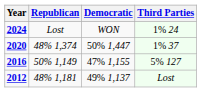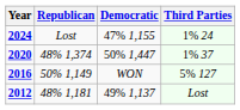 <table class="wikitable" style="float:right; font-size:95%;">
 <tr bgcolor=lightgrey>
 <th>Year</th>
 <th><a href='#'>Republican</a></th>
 <th><a href='#'>Democratic</a></th>
 <th><a href='#'>Third Parties</a></th>
 </tr>
 <tr>
 <td style="text-align:center; "><strong><a href='#'>2024</a></strong></td>
 <td style="text-align:center; "><em>Lost</em></td>
-<td style="text-align:center; "><em>WON</em></td>
+<td style="text-align:center; ">47% <em>1,155</em></td>
 <td style="text-align:center; background:honeyDew;">1% <em>24</em></td>
 </tr>
 <tr>
 <td style="text-align:center; "><strong><a href='#'>2020</a></strong></td>
 <td style="text-align:center; "><em>48%</em> <em>1,374</em></td>
 <td style="text-align:center; ">50% <em>1,447</em></td>
 <td style="text-align:center; background:honeyDew;">1% <em>37</em></td>
 </tr>
 <tr>
 <td style="text-align:center; "><strong><a href='#'>2016</a></strong></td>
 <td style="text-align:center; "><em>50%</em> <em>1,149</em></td>
-<td style="text-align:center; ">47% <em>1,155</em></td>
+<td style="text-align:center; "><em>WON</em></td>
 <td style="text-align:center; background:honeyDew;">5% <em>127</em></td>
 </tr>
 <tr>
 <td style="text-align:center; "><strong><a href='#'>2012</a></strong></td>
 <td style="text-align:center; "><em>48%</em> <em>1,181</em></td>
 <td style="text-align:center; ">49% <em>1,137</em></td>
 <td style="text-align:center; background:honeyDew;"><em>Lost</em></td>
 </tr>
 </table>
